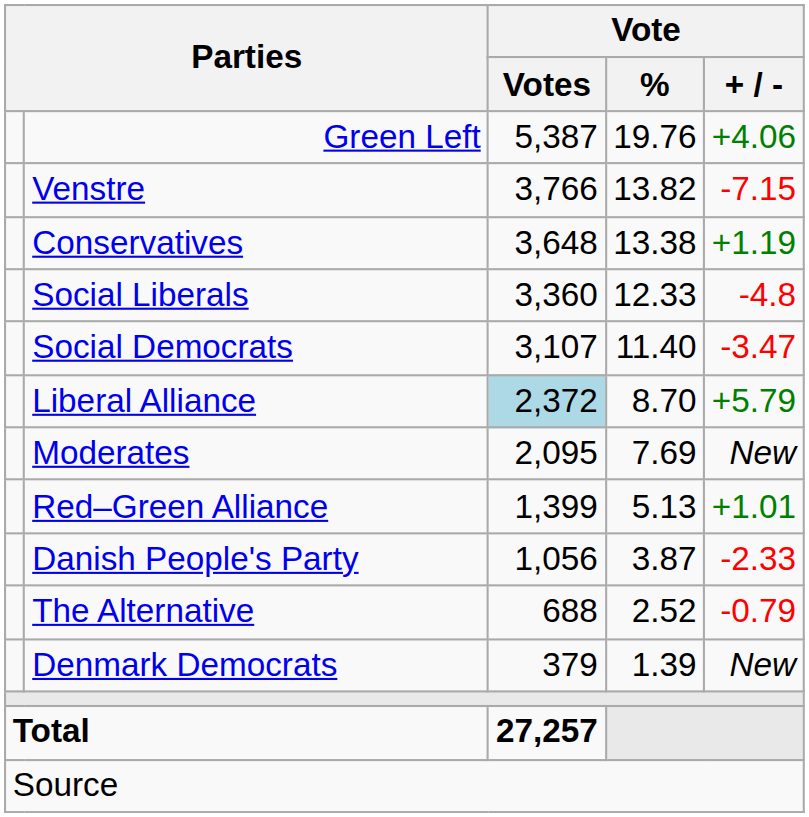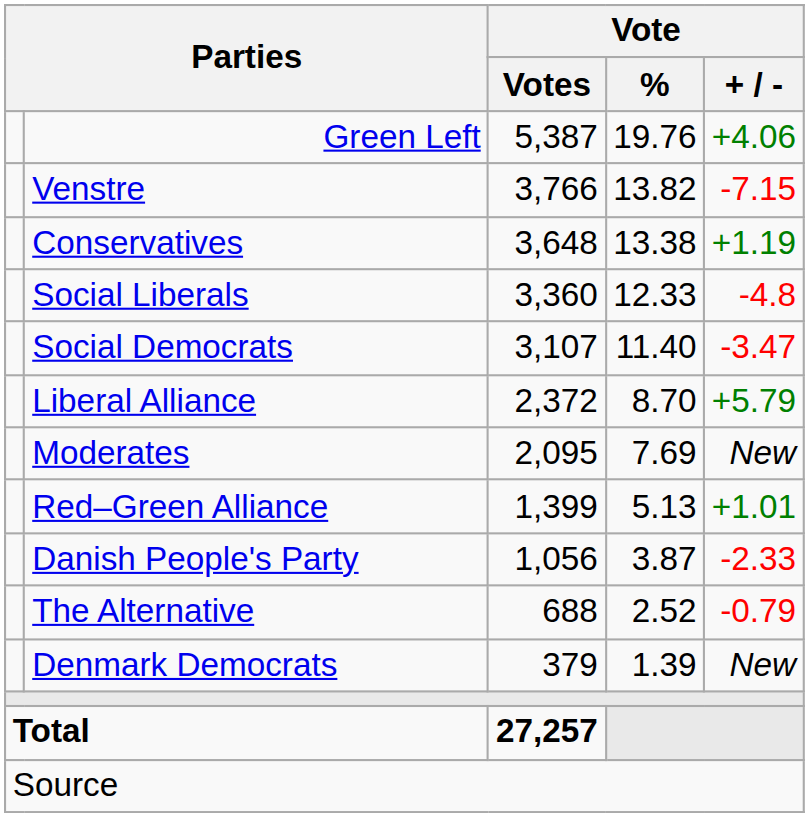 <table class="wikitable" style="text-align:right;">
 <tr>
 <th style="text-align:centre;" rowspan="2" colspan="2" width="225">Parties</th>
 <th colspan="3">Vote</th>
 </tr>
 <tr>
 <th width="15">Votes</th>
 <th width="15">%</th>
 <th width="15">+ / -</th>
 </tr>
 <tr>
 <td width=2 bgcolor=></td>
 <td><a href='#'>Green Left</a></td>
 <td>5,387</td>
 <td>19.76</td>
 <td style=color:green;>+4.06</td>
 </tr>
 <tr>
 <td width=2 bgcolor=></td>
 <td align=left><a href='#'>Venstre</a></td>
 <td>3,766</td>
 <td>13.82</td>
 <td style=color:red;>-7.15</td>
 </tr>
 <tr>
 <td width=2 bgcolor=></td>
 <td align=left><a href='#'>Conservatives</a></td>
 <td>3,648</td>
 <td>13.38</td>
 <td style=color:green;>+1.19</td>
 </tr>
 <tr>
 <td width=2 bgcolor=></td>
 <td align=left><a href='#'>Social Liberals</a></td>
 <td>3,360</td>
 <td>12.33</td>
 <td style=color:red;>-4.8</td>
 </tr>
 <tr>
 <td width=2 bgcolor=></td>
 <td align=left><a href='#'>Social Democrats</a></td>
 <td>3,107</td>
 <td>11.40</td>
 <td style=color:red;>-3.47</td>
 </tr>
 <tr>
 <td width=2 bgcolor=></td>
 <td align=left><a href='#'>Liberal Alliance</a></td>
-<td style="background: lightblue;">2,372</td>
+<td>2,372</td>
 <td>8.70</td>
 <td style=color:green;>+5.79</td>
 </tr>
 <tr>
 <td width=2 bgcolor=></td>
 <td align=left><a href='#'>Moderates</a></td>
 <td>2,095</td>
 <td>7.69</td>
 <td><em>New</em></td>
 </tr>
 <tr>
 <td width=2 bgcolor=></td>
 <td align=left><a href='#'>Red–Green Alliance</a></td>
 <td>1,399</td>
 <td>5.13</td>
 <td style=color:green;>+1.01</td>
 </tr>
 <tr>
 <td width=2 bgcolor=></td>
 <td align=left><a href='#'>Danish People's Party</a></td>
 <td>1,056</td>
 <td>3.87</td>
 <td style=color:red;>-2.33</td>
 </tr>
 <tr>
 <td width=2 bgcolor=></td>
 <td align=left><a href='#'>The Alternative</a></td>
 <td>688</td>
 <td>2.52</td>
 <td style=color:red;>-0.79</td>
 </tr>
 <tr>
 <td width=2 bgcolor=></td>
 <td align=left><a href='#'>Denmark Democrats</a></td>
 <td>379</td>
 <td>1.39</td>
 <td><em>New</em></td>
 </tr>
 <tr>
 <td colspan="7" bgcolor="#E9E9E9"></td>
 </tr>
 <tr>
 <td align="left" colspan="2"><strong>Total</strong></td>
 <td><strong>27,257</strong></td>
 <td bgcolor=#E9E9E9 colspan=2></td>
 </tr>
 <tr>
 <td align="left" colspan="6">Source</td>
 </tr>
 </table>
